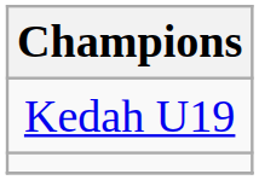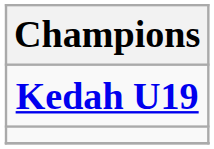 <table class="wikitable" style="text-align: center; margin: 0 auto;">
 <tr>
 <th>Champions</th>
 </tr>
 <tr>
-<td><a href='#'>Kedah U19</a> </td>
+<td><strong><a href='#'>Kedah U19</a> </strong></td>
 </tr>
 <tr>
 <td></td>
 </tr>
 <tr>
 </tr>
 </table>
